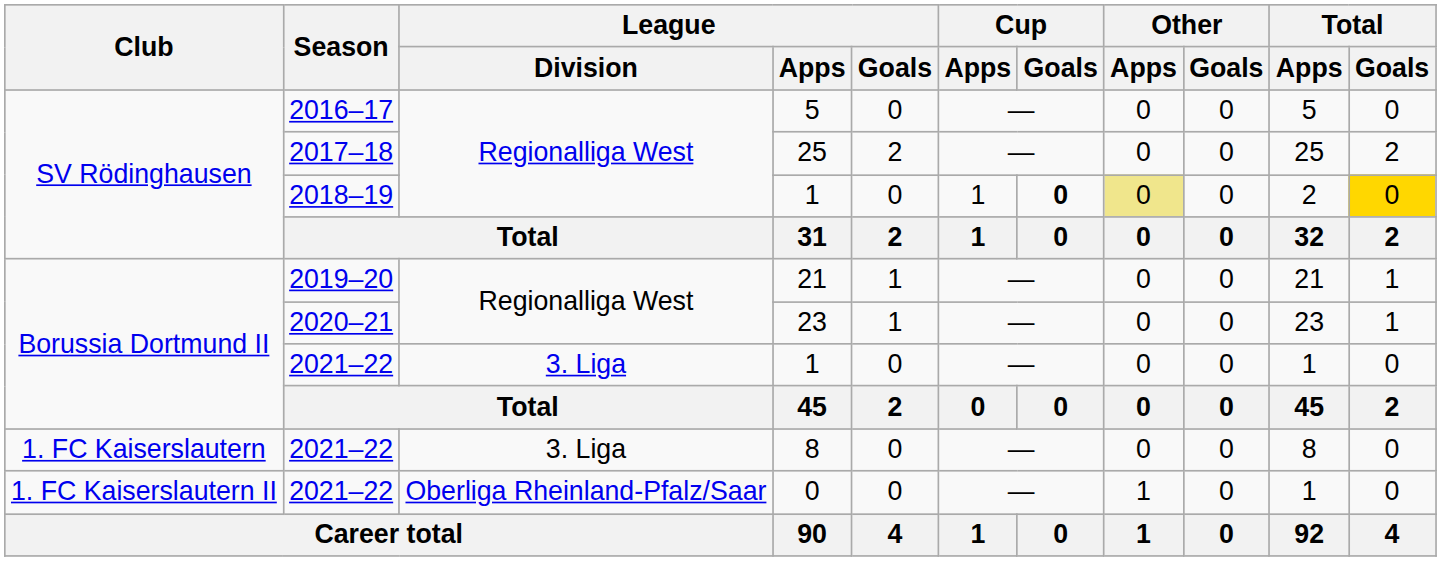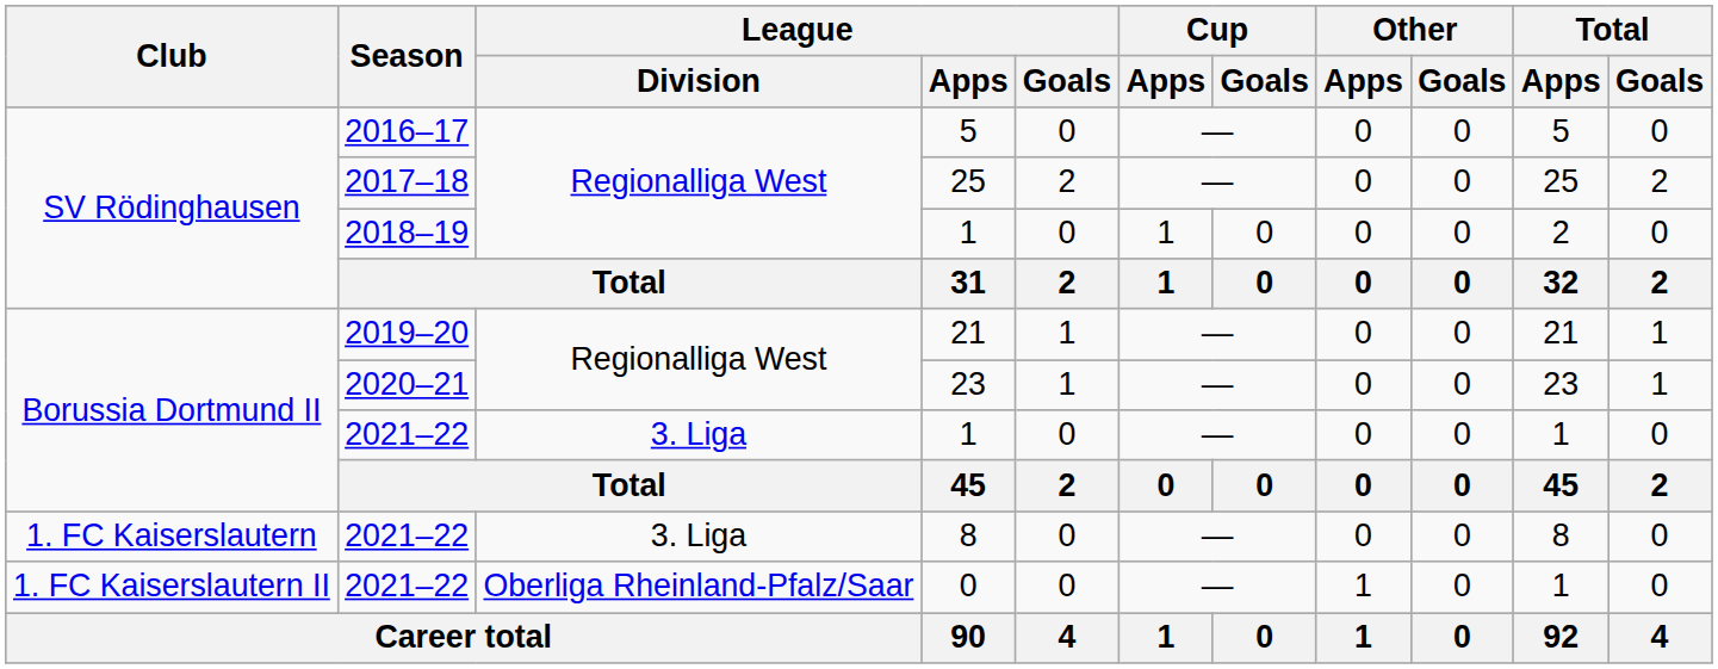 <table class="wikitable" style="text-align:center">
 <tr>
 <th rowspan="2">Club</th>
 <th rowspan="2">Season</th>
 <th colspan="3">League</th>
 <th colspan="2">Cup</th>
 <th colspan="2">Other</th>
 <th colspan="2">Total</th>
 </tr>
 <tr>
 <th>Division</th>
 <th>Apps</th>
 <th>Goals</th>
 <th>Apps</th>
 <th>Goals</th>
 <th>Apps</th>
 <th>Goals</th>
 <th>Apps</th>
 <th>Goals</th>
 </tr>
 <tr>
 <td rowspan="4"><a href='#'>SV Rödinghausen</a></td>
 <td><a href='#'>2016–17</a></td>
 <td rowspan="3"><a href='#'>Regionalliga West</a></td>
 <td>5</td>
 <td>0</td>
 <td colspan="2">—</td>
 <td>0</td>
 <td>0</td>
 <td>5</td>
 <td>0</td>
 </tr>
 <tr>
 <td><a href='#'>2017–18</a></td>
 <td>25</td>
 <td>2</td>
 <td colspan="2">—</td>
 <td>0</td>
 <td>0</td>
 <td>25</td>
 <td>2</td>
 </tr>
 <tr>
 <td><a href='#'>2018–19</a></td>
 <td>1</td>
 <td>0</td>
 <td>1</td>
-<td><strong>0</strong></td>
-<td style="background: khaki;">0</td>
+<td>0</td>
+<td>0</td>
 <td>0</td>
 <td>2</td>
-<td style="background: gold;">0</td>
+<td>0</td>
 </tr>
 <tr>
 <th colspan="2">Total</th>
 <th>31</th>
 <th>2</th>
 <th>1</th>
 <th>0</th>
 <th>0</th>
 <th>0</th>
 <th>32</th>
 <th>2</th>
 </tr>
 <tr>
 <td rowspan="4"><a href='#'>Borussia Dortmund II</a></td>
 <td><a href='#'>2019–20</a></td>
 <td rowspan="2">Regionalliga West</td>
 <td>21</td>
 <td>1</td>
 <td colspan="2">—</td>
 <td>0</td>
 <td>0</td>
 <td>21</td>
 <td>1</td>
 </tr>
 <tr>
 <td><a href='#'>2020–21</a></td>
 <td>23</td>
 <td>1</td>
 <td colspan="2">—</td>
 <td>0</td>
 <td>0</td>
 <td>23</td>
 <td>1</td>
 </tr>
 <tr>
 <td><a href='#'>2021–22</a></td>
 <td><a href='#'>3. Liga</a></td>
 <td>1</td>
 <td>0</td>
 <td colspan="2">—</td>
 <td>0</td>
 <td>0</td>
 <td>1</td>
 <td>0</td>
 </tr>
 <tr>
 <th colspan="2">Total</th>
 <th>45</th>
 <th>2</th>
 <th>0</th>
 <th>0</th>
 <th>0</th>
 <th>0</th>
 <th>45</th>
 <th>2</th>
 </tr>
 <tr>
 <td><a href='#'>1. FC Kaiserslautern</a></td>
 <td><a href='#'>2021–22</a></td>
 <td>3. Liga</td>
 <td>8</td>
 <td>0</td>
 <td colspan="2">—</td>
 <td>0</td>
 <td>0</td>
 <td>8</td>
 <td>0</td>
 </tr>
 <tr>
 <td><a href='#'>1. FC Kaiserslautern II</a></td>
 <td><a href='#'>2021–22</a></td>
 <td><a href='#'>Oberliga Rheinland-Pfalz/Saar</a></td>
 <td>0</td>
 <td>0</td>
 <td colspan="2">—</td>
 <td>1</td>
 <td>0</td>
 <td>1</td>
 <td>0</td>
 </tr>
 <tr>
 <th colspan="3">Career total</th>
 <th>90</th>
 <th>4</th>
 <th>1</th>
 <th>0</th>
 <th>1</th>
 <th>0</th>
 <th>92</th>
 <th>4</th>
 </tr>
 </table>
